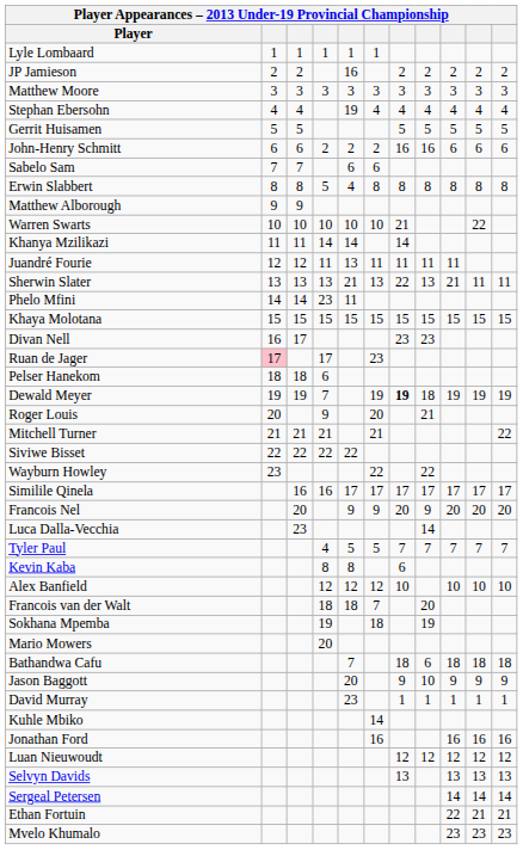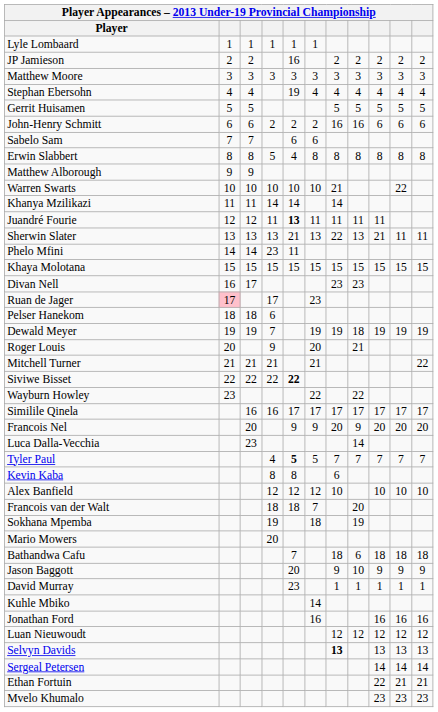 <table class="wikitable sortable"  style="text-align:center; line-height:90%; font-size:90%; width:60%;">
 <tr>
 <th colspan=11>Player Appearances – <a href='#'>2013 Under-19 Provincial Championship</a></th>
 </tr>
 <tr>
 <th style="width:50%;">Player</th>
 <th style="width:5%;"></th>
 <th style="width:5%;"></th>
 <th style="width:5%;"></th>
 <th style="width:5%;"></th>
 <th style="width:5%;"></th>
 <th style="width:5%;"></th>
 <th style="width:5%;"></th>
 <th style="width:5%;"></th>
 <th style="width:5%;"></th>
 <th style="width:5%;"></th>
 </tr>
 <tr>
 <td align=left>Lyle Lombaard</td>
 <td>1</td>
 <td>1</td>
 <td>1</td>
 <td>1</td>
 <td>1</td>
 <td></td>
 <td></td>
 <td></td>
 <td></td>
 <td></td>
 </tr>
 <tr>
 <td align=left>JP Jamieson</td>
 <td>2</td>
 <td>2</td>
 <td></td>
 <td>16</td>
 <td></td>
 <td>2</td>
 <td>2</td>
 <td>2</td>
 <td>2</td>
 <td>2</td>
 </tr>
 <tr>
 <td align=left>Matthew Moore</td>
 <td>3</td>
 <td>3</td>
 <td>3</td>
 <td>3</td>
 <td>3</td>
 <td>3</td>
 <td>3</td>
 <td>3</td>
 <td>3</td>
 <td>3</td>
 </tr>
 <tr>
 <td align=left>Stephan Ebersohn</td>
 <td>4</td>
 <td>4</td>
 <td></td>
 <td>19 </td>
 <td>4</td>
 <td>4</td>
 <td>4</td>
 <td>4</td>
 <td>4</td>
 <td>4</td>
 </tr>
 <tr>
 <td align=left>Gerrit Huisamen</td>
 <td>5</td>
 <td>5</td>
 <td></td>
 <td></td>
 <td></td>
 <td>5</td>
 <td>5</td>
 <td>5</td>
 <td>5</td>
 <td>5</td>
 </tr>
 <tr>
 <td align=left>John-Henry Schmitt</td>
 <td>6</td>
 <td>6</td>
 <td>2</td>
 <td>2</td>
 <td>2</td>
 <td>16</td>
 <td>16 </td>
 <td>6</td>
 <td>6</td>
 <td>6</td>
 </tr>
 <tr>
 <td align=left>Sabelo Sam</td>
 <td>7</td>
 <td>7</td>
 <td></td>
 <td>6</td>
 <td>6</td>
 <td></td>
 <td></td>
 <td></td>
 <td></td>
 <td></td>
 </tr>
 <tr>
 <td align=left>Erwin Slabbert</td>
 <td>8</td>
 <td>8</td>
 <td>5</td>
 <td>4</td>
 <td>8</td>
 <td>8</td>
 <td>8</td>
 <td>8</td>
 <td>8</td>
 <td>8</td>
 </tr>
 <tr>
 <td align=left>Matthew Alborough</td>
 <td>9</td>
 <td>9</td>
 <td></td>
 <td></td>
 <td></td>
 <td></td>
 <td></td>
 <td></td>
 <td></td>
 <td></td>
 </tr>
 <tr>
 <td align=left>Warren Swarts</td>
 <td>10</td>
 <td>10</td>
 <td>10</td>
 <td>10</td>
 <td>10</td>
 <td>21 </td>
 <td></td>
 <td></td>
 <td>22</td>
 <td></td>
 </tr>
 <tr>
 <td align=left>Khanya Mzilikazi</td>
 <td>11</td>
 <td>11</td>
 <td>14</td>
 <td>14</td>
 <td></td>
 <td>14</td>
 <td></td>
 <td></td>
 <td></td>
 <td></td>
 </tr>
 <tr>
 <td align=left>Juandré Fourie</td>
 <td>12</td>
 <td>12</td>
 <td>11</td>
-<td>13</td>
+<td><strong>13</strong></td>
 <td>11</td>
 <td>11</td>
 <td>11</td>
 <td>11</td>
 <td></td>
 <td></td>
 </tr>
 <tr>
 <td align=left>Sherwin Slater</td>
 <td>13</td>
 <td>13</td>
 <td>13</td>
 <td>21 </td>
 <td>13</td>
 <td>22</td>
 <td>13</td>
 <td>21 </td>
 <td>11</td>
 <td>11</td>
 </tr>
 <tr>
 <td align=left>Phelo Mfini</td>
 <td>14</td>
 <td>14</td>
 <td>23</td>
 <td>11</td>
 <td></td>
 <td></td>
 <td></td>
 <td></td>
 <td></td>
 <td></td>
 </tr>
 <tr>
 <td align=left>Khaya Molotana</td>
 <td>15</td>
 <td>15</td>
 <td>15</td>
 <td>15</td>
 <td>15</td>
 <td>15</td>
 <td>15</td>
 <td>15</td>
 <td>15</td>
 <td>15</td>
 </tr>
 <tr>
 <td align=left>Divan Nell</td>
 <td>16</td>
 <td>17 </td>
 <td></td>
 <td></td>
 <td></td>
 <td>23</td>
 <td>23</td>
 <td></td>
 <td></td>
 <td></td>
 </tr>
 <tr>
 <td align=left>Ruan de Jager</td>
 <td style="background: pink;">17</td>
 <td></td>
 <td>17 </td>
 <td></td>
 <td>23</td>
 <td></td>
 <td></td>
 <td></td>
 <td></td>
 <td></td>
 </tr>
 <tr>
 <td align=left>Pelser Hanekom</td>
 <td>18 </td>
 <td>18 </td>
 <td>6</td>
 <td></td>
 <td></td>
 <td></td>
 <td></td>
 <td></td>
 <td></td>
 <td></td>
 </tr>
 <tr>
 <td align=left>Dewald Meyer</td>
 <td>19 </td>
 <td>19 </td>
 <td>7</td>
 <td></td>
 <td>19 </td>
-<td><strong>19</strong></td>
+<td>19</td>
 <td>18 </td>
 <td>19 </td>
 <td>19</td>
 <td>19</td>
 </tr>
 <tr>
 <td align=left>Roger Louis</td>
 <td>20</td>
 <td></td>
 <td>9</td>
 <td></td>
 <td>20</td>
 <td></td>
 <td>21</td>
 <td></td>
 <td></td>
 <td></td>
 </tr>
 <tr>
 <td align=left>Mitchell Turner</td>
 <td>21 </td>
 <td>21</td>
 <td>21</td>
 <td></td>
 <td>21 </td>
 <td></td>
 <td></td>
 <td></td>
 <td></td>
 <td>22</td>
 </tr>
 <tr>
 <td align=left>Siviwe Bisset</td>
 <td>22 </td>
 <td>22 </td>
 <td>22</td>
-<td>22 </td>
+<td><strong>22 </strong></td>
 <td></td>
 <td></td>
 <td></td>
 <td></td>
 <td></td>
 <td></td>
 </tr>
 <tr>
 <td align=left>Wayburn Howley</td>
 <td>23 </td>
 <td></td>
 <td></td>
 <td></td>
 <td>22 </td>
 <td></td>
 <td>22 </td>
 <td></td>
 <td></td>
 <td></td>
 </tr>
 <tr>
 <td align=left>Similile Qinela</td>
 <td></td>
 <td>16 </td>
 <td>16 </td>
 <td>17 </td>
 <td>17</td>
 <td>17</td>
 <td>17 </td>
 <td>17 </td>
 <td>17</td>
 <td>17</td>
 </tr>
 <tr>
 <td align=left>Francois Nel</td>
 <td></td>
 <td>20 </td>
 <td></td>
 <td>9</td>
 <td>9</td>
 <td>20</td>
 <td>9</td>
 <td>20 </td>
 <td>20 </td>
 <td>20 </td>
 </tr>
 <tr>
 <td align=left>Luca Dalla-Vecchia</td>
 <td></td>
 <td>23</td>
 <td></td>
 <td></td>
 <td></td>
 <td></td>
 <td>14</td>
 <td></td>
 <td></td>
 <td></td>
 </tr>
 <tr>
 <td align=left><a href='#'>Tyler Paul</a></td>
 <td></td>
 <td></td>
 <td>4</td>
-<td>5</td>
+<td><strong>5</strong></td>
 <td>5</td>
 <td>7</td>
 <td>7</td>
 <td>7</td>
 <td>7</td>
 <td>7</td>
 </tr>
 <tr>
 <td align=left><a href='#'>Kevin Kaba</a></td>
 <td></td>
 <td></td>
 <td>8</td>
 <td>8</td>
 <td></td>
 <td>6</td>
 <td></td>
 <td></td>
 <td></td>
 <td></td>
 </tr>
 <tr>
 <td align=left>Alex Banfield</td>
 <td></td>
 <td></td>
 <td>12</td>
 <td>12</td>
 <td>12</td>
 <td>10</td>
 <td></td>
 <td>10</td>
 <td>10</td>
 <td>10</td>
 </tr>
 <tr>
 <td align=left>Francois van der Walt</td>
 <td></td>
 <td></td>
 <td>18 </td>
 <td>18 </td>
 <td>7</td>
 <td></td>
 <td>20</td>
 <td></td>
 <td></td>
 <td></td>
 </tr>
 <tr>
 <td align=left>Sokhana Mpemba</td>
 <td></td>
 <td></td>
 <td>19</td>
 <td></td>
 <td>18</td>
 <td></td>
 <td>19</td>
 <td></td>
 <td></td>
 <td></td>
 </tr>
 <tr>
 <td align=left>Mario Mowers</td>
 <td></td>
 <td></td>
 <td>20 </td>
 <td></td>
 <td></td>
 <td></td>
 <td></td>
 <td></td>
 <td></td>
 <td></td>
 </tr>
 <tr>
 <td align=left>Bathandwa Cafu</td>
 <td></td>
 <td></td>
 <td></td>
 <td>7</td>
 <td></td>
 <td>18 </td>
 <td>6</td>
 <td>18</td>
 <td>18</td>
 <td>18</td>
 </tr>
 <tr>
 <td align=left>Jason Baggott</td>
 <td></td>
 <td></td>
 <td></td>
 <td>20 </td>
 <td></td>
 <td>9</td>
 <td>10</td>
 <td>9</td>
 <td>9</td>
 <td>9</td>
 </tr>
 <tr>
 <td align=left>David Murray</td>
 <td></td>
 <td></td>
 <td></td>
 <td>23</td>
 <td></td>
 <td>1</td>
 <td>1</td>
 <td>1</td>
 <td>1</td>
 <td>1</td>
 </tr>
 <tr>
 <td align=left>Kuhle Mbiko</td>
 <td></td>
 <td></td>
 <td></td>
 <td></td>
 <td>14</td>
 <td></td>
 <td></td>
 <td></td>
 <td></td>
 <td></td>
 </tr>
 <tr>
 <td align=left>Jonathan Ford</td>
 <td></td>
 <td></td>
 <td></td>
 <td></td>
 <td>16</td>
 <td></td>
 <td></td>
 <td>16 </td>
 <td>16 </td>
 <td>16 </td>
 </tr>
 <tr>
 <td align=left>Luan Nieuwoudt</td>
 <td></td>
 <td></td>
 <td></td>
 <td></td>
 <td></td>
 <td>12</td>
 <td>12</td>
 <td>12</td>
 <td>12</td>
 <td>12</td>
 </tr>
 <tr>
 <td align=left><a href='#'>Selvyn Davids</a></td>
 <td></td>
 <td></td>
 <td></td>
 <td></td>
 <td></td>
-<td>13</td>
+<td><strong>13</strong></td>
 <td></td>
 <td>13</td>
 <td>13</td>
 <td>13</td>
 </tr>
 <tr>
 <td align=left><a href='#'>Sergeal Petersen</a></td>
 <td></td>
 <td></td>
 <td></td>
 <td></td>
 <td></td>
 <td></td>
 <td></td>
 <td>14</td>
 <td>14</td>
 <td>14</td>
 </tr>
 <tr>
 <td align=left>Ethan Fortuin</td>
 <td></td>
 <td></td>
 <td></td>
 <td></td>
 <td></td>
 <td></td>
 <td></td>
 <td>22 </td>
 <td>21</td>
 <td>21</td>
 </tr>
 <tr>
 <td align=left>Mvelo Khumalo</td>
 <td></td>
 <td></td>
 <td></td>
 <td></td>
 <td></td>
 <td></td>
 <td></td>
 <td>23</td>
 <td>23</td>
 <td>23</td>
 </tr>
 </table>
